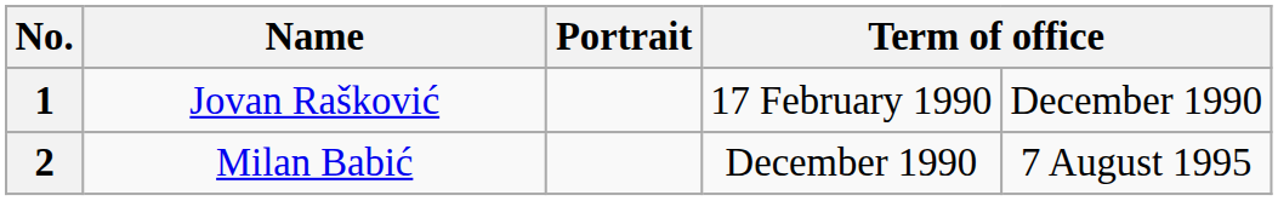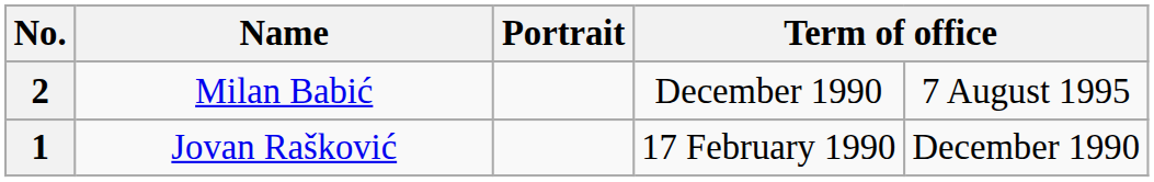 <table class="wikitable" style="text-align:center">
 <tr>
 <th>No.</th>
 <th width="180">Name<br></th>
 <th>Portrait</th>
 <th colspan="2">Term of office</th>
 </tr>
 <tr>
+<th style="background: ">2</th>
+<td><a href='#'>Milan Babić</a><br></td>
+<td></td>
+<td>December 1990</td>
+<td>7 August 1995</td>
+</tr>
+<tr>
 <th style="background: ">1</th>
 <td><a href='#'>Jovan Rašković</a><br></td>
 <td></td>
 <td>17 February 1990</td>
 <td>December 1990</td>
 </tr>
-<tr>
-<th style="background: ">2</th>
-<td><a href='#'>Milan Babić</a><br></td>
-<td></td>
-<td>December 1990</td>
-<td>7 August 1995</td>
-</tr>
 </table>
